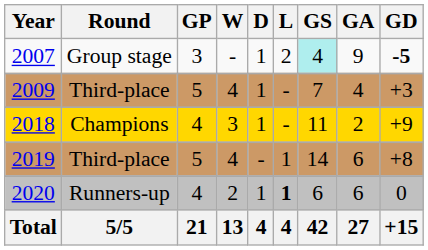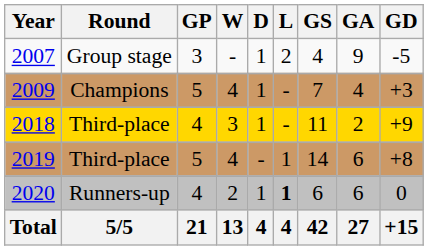 <table class="wikitable" style="text-align: center;">
 <tr>
 <th>Year</th>
 <th>Round</th>
 <th>GP</th>
 <th>W</th>
 <th>D</th>
 <th>L</th>
 <th>GS</th>
 <th>GA</th>
 <th>GD</th>
 </tr>
 <tr>
 <td><a href='#'>2007</a></td>
 <td>Group stage</td>
 <td>3</td>
 <td>-</td>
 <td>1</td>
 <td>2</td>
-<td style="background: paleturquoise;">4</td>
+<td>4</td>
 <td>9</td>
-<td><strong>-5</strong></td>
+<td>-5</td>
 </tr>
 <tr>
 </tr>
 <tr style="background:#cc9966;">
 <td> <a href='#'>2009</a></td>
-<td>Third-place</td>
+<td>Champions</td>
 <td>5</td>
 <td>4</td>
 <td>1</td>
 <td>-</td>
 <td>7</td>
 <td>4</td>
 <td>+3</td>
 </tr>
 <tr>
 </tr>
 <tr style="background:Gold;">
 <td><a href='#'>2018</a></td>
-<td>Champions</td>
+<td>Third-place</td>
 <td>4</td>
 <td>3</td>
 <td>1</td>
 <td>-</td>
 <td>11</td>
 <td>2</td>
 <td>+9</td>
 </tr>
 <tr>
 </tr>
 <tr style="background:#cc9966;">
 <td> <a href='#'>2019</a></td>
 <td>Third-place</td>
 <td>5</td>
 <td>4</td>
 <td>-</td>
 <td>1</td>
 <td>14</td>
 <td>6</td>
 <td>+8</td>
 </tr>
 <tr>
 </tr>
 <tr style="background:Silver;">
 <td><a href='#'>2020</a></td>
 <td>Runners-up</td>
 <td>4</td>
 <td>2</td>
 <td>1</td>
 <td><strong>1</strong></td>
 <td>6</td>
 <td>6</td>
 <td>0</td>
 </tr>
 <tr>
 <th>Total</th>
 <th>5/5</th>
 <th>21</th>
 <th>13</th>
 <th>4</th>
 <th>4</th>
 <th>42</th>
 <th>27</th>
 <th>+15</th>
 </tr>
 </table>
